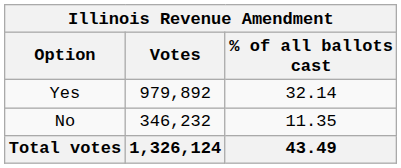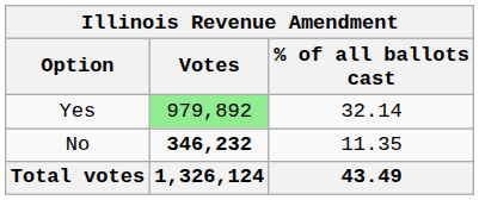 <table class="wikitable">
 <tr>
 <th colspan=4 text align=center>Illinois Revenue Amendment</th>
 </tr>
 <tr>
 <th>Option</th>
 <th>Votes</th>
 <th>% of all ballots<br>cast</th>
 </tr>
 <tr>
 <td text align=center>Yes</td>
-<td text align=center>979,892</td>
+<td text align=center style="background: lightgreen;">979,892</td>
 <td text align=center>32.14</td>
 </tr>
 <tr>
 <td text align=center>No</td>
-<td text align=center>346,232</td>
+<td text align=center><strong>346,232</strong></td>
 <td text align=center>11.35</td>
 </tr>
 <tr>
 <th text align=center>Total votes</th>
 <th text align=center><strong>1,326,124</strong></th>
 <th text align=center><strong>43.49</strong></th>
 </tr>
 </table>
